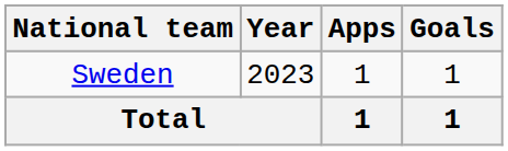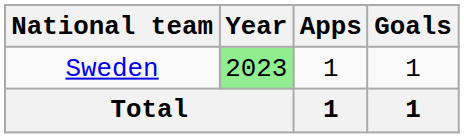 <table class="wikitable" style="text-align:center">
 <tr>
 <th>National team</th>
 <th>Year</th>
 <th>Apps</th>
 <th>Goals</th>
 </tr>
 <tr>
 <td><a href='#'>Sweden</a></td>
-<td>2023</td>
+<td style="background: lightgreen;">2023</td>
 <td>1</td>
 <td>1</td>
 </tr>
 <tr>
 <th colspan="2">Total</th>
 <th>1</th>
 <th>1</th>
 </tr>
 </table>
